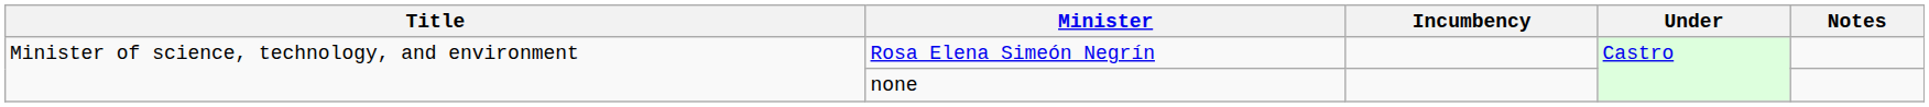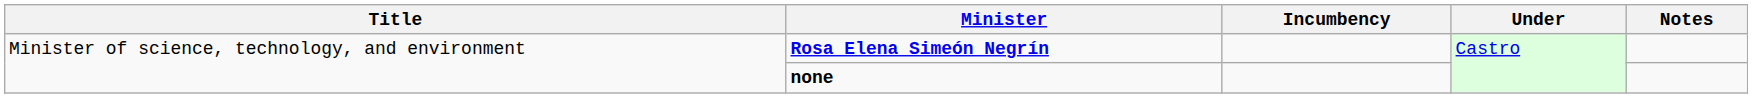 <table class="wikitable" style="width:100%;">
 <tr>
 <th>Title</th>
 <th style="width:25%;"><a href='#'>Minister</a></th>
 <th style="width:160px;">Incumbency</th>
 <th style="width:10%;">Under</th>
 <th style="width:7%;">Notes</th>
 </tr>
 <tr>
 <td rowspan="2" style="vertical-align:top;">Minister of science, technology, and environment</td>
-<td><a href='#'>Rosa Elena Simeón Negrín</a></td>
+<td><strong><a href='#'>Rosa Elena Simeón Negrín</a></strong></td>
 <td></td>
 <td rowspan="2"  style="vertical-align:top; background:#dfd;"><a href='#'>Castro</a></td>
 <td></td>
 </tr>
 <tr>
-<td>none</td>
+<td><strong>none</strong></td>
 <td></td>
 <td></td>
 </tr>
 </table>
